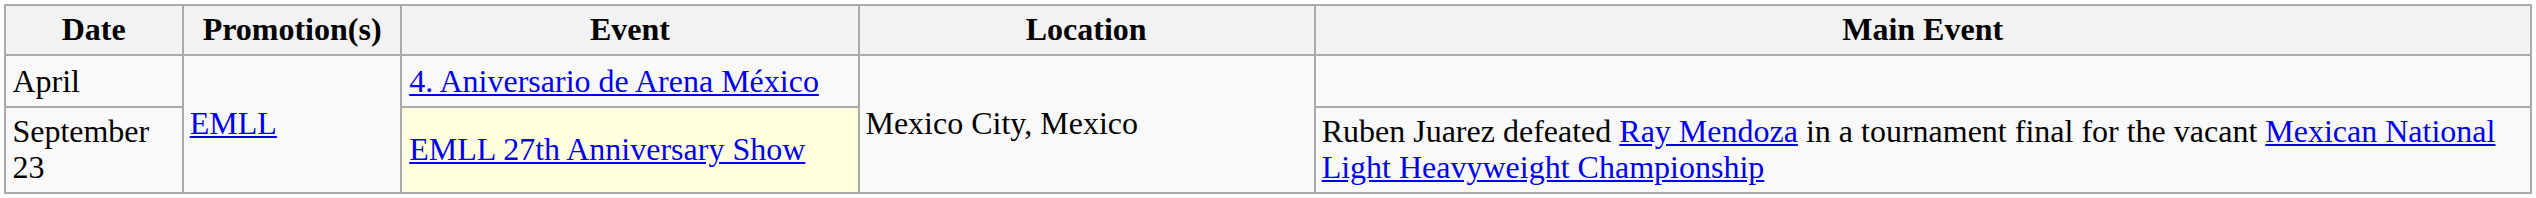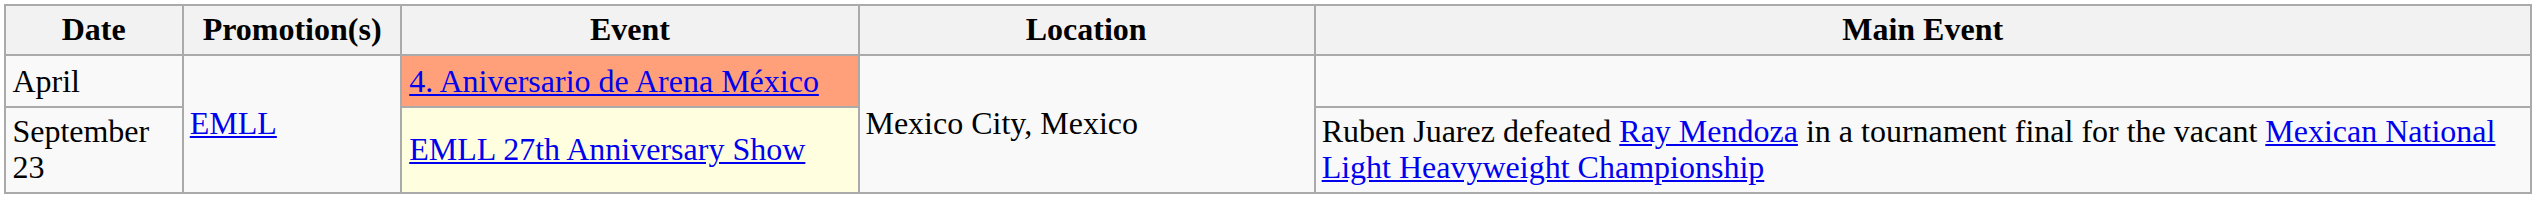 <table class="wikitable" style="width:100%;">
 <tr>
 <th width=5%>Date</th>
 <th width=5%>Promotion(s)</th>
 <th style="width:15%;">Event</th>
 <th style="width:15%;">Location</th>
 <th style="width:40%;">Main Event</th>
 </tr>
 <tr style="width:20%;"| Notes>
 </tr>
 <tr>
 <td>April</td>
 <td rowspan=2><a href='#'>EMLL</a></td>
-<td><a href='#'>4. Aniversario de Arena México</a></td>
+<td style="background: lightsalmon;"><a href='#'>4. Aniversario de Arena México</a></td>
 <td rowspan=2>Mexico City, Mexico</td>
 <td> </td>
 </tr>
 <tr>
 <td>September 23</td>
 <td style="background: lightyellow;"><a href='#'>EMLL 27th Anniversary Show</a></td>
 <td>Ruben Juarez defeated <a href='#'>Ray Mendoza</a> in a tournament final for the vacant <a href='#'>Mexican National Light Heavyweight Championship</a></td>
 </tr>
 </table>
